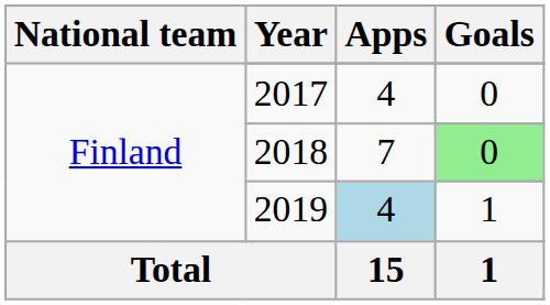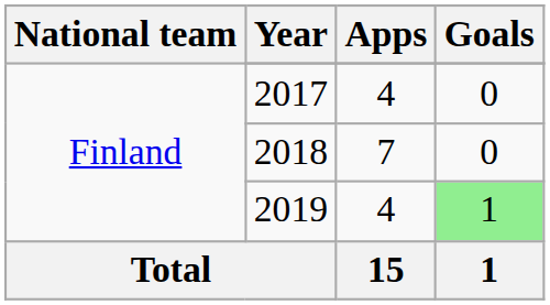 <table class="wikitable" style="text-align:center">
 <tr>
 <th>National team</th>
 <th>Year</th>
 <th>Apps</th>
 <th>Goals</th>
 </tr>
 <tr>
 <td rowspan=4><a href='#'>Finland</a></td>
 </tr>
 <tr>
 <td>2017</td>
 <td>4</td>
 <td>0</td>
 </tr>
 <tr>
 <td>2018</td>
 <td>7</td>
-<td style="background: lightgreen;">0</td>
+<td>0</td>
 </tr>
 <tr>
 <td>2019</td>
-<td style="background: lightblue;">4</td>
-<td>1</td>
+<td>4</td>
+<td style="background: lightgreen;">1</td>
 </tr>
 <tr>
 <th colspan=2>Total</th>
 <th>15</th>
 <th>1</th>
 </tr>
 </table>
